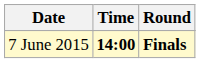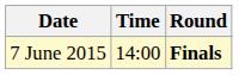 <table class="wikitable">
 <tr>
 <th>Date</th>
 <th>Time</th>
 <th>Round</th>
 </tr>
 <tr>
 </tr>
 <tr style="background:lemonchiffon;">
 <td>7 June 2015</td>
-<td><strong>14:00</strong></td>
+<td>14:00</td>
 <td><strong>Finals</strong></td>
 </tr>
 </table>
